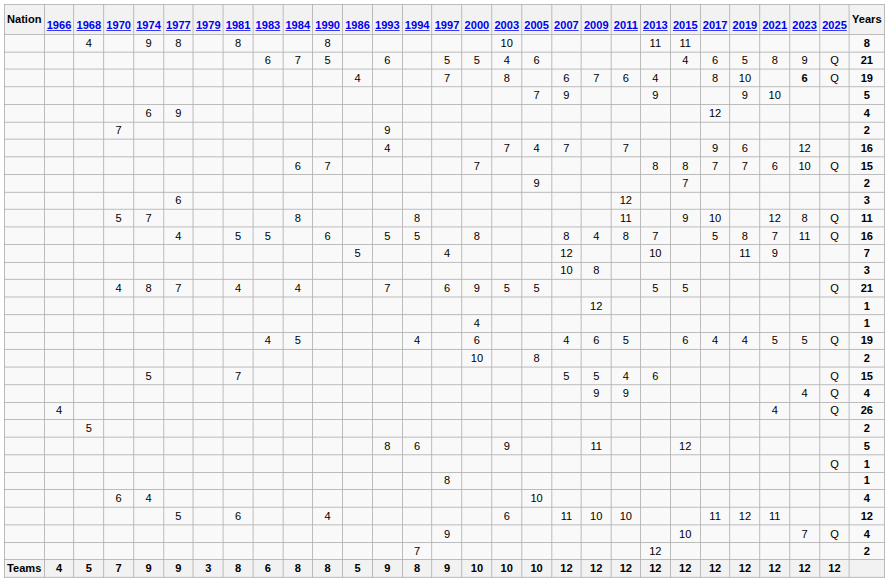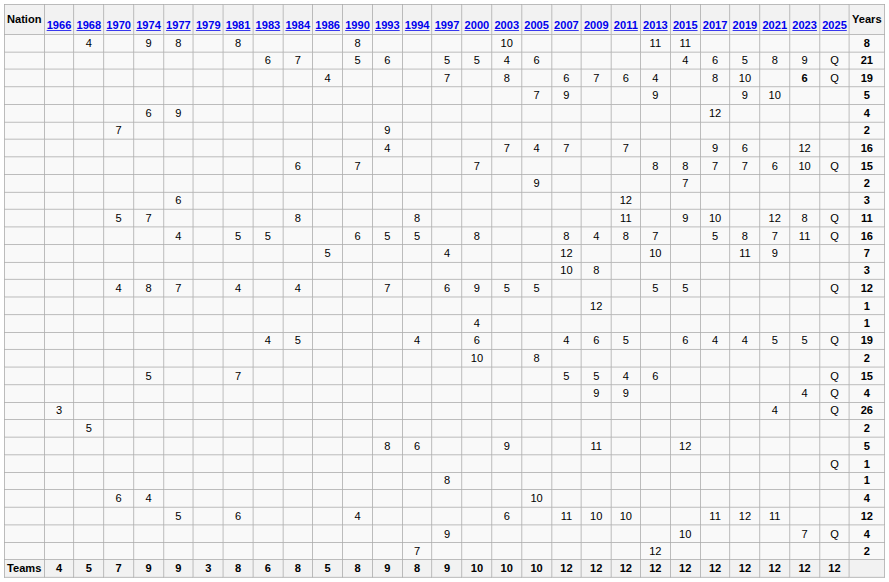 <table class="wikitable" style="text-align:center; font-size:90%">
 <tr>
 <th width=170>Nation</th>
 <th><br><a href='#'>1966</a></th>
 <th><br><a href='#'>1968</a></th>
 <th><br><a href='#'>1970</a></th>
 <th><br><a href='#'>1974</a></th>
 <th><br><a href='#'>1977</a></th>
 <th><br><a href='#'>1979</a></th>
 <th><br><a href='#'>1981</a></th>
 <th><br><a href='#'>1983</a></th>
 <th><br><a href='#'>1984</a></th>
+<th><br><a href='#'>1986</a></th>
 <th><br><a href='#'>1990</a></th>
-<th><br><a href='#'>1986</a></th>
 <th><br><a href='#'>1993</a></th>
 <th><br><a href='#'>1994</a></th>
 <th><br><a href='#'>1997</a></th>
 <th><br><a href='#'>2000</a></th>
 <th><br><a href='#'>2003</a></th>
 <th><br><a href='#'>2005</a></th>
 <th><br><a href='#'>2007</a></th>
 <th><br><a href='#'>2009</a></th>
 <th><br><a href='#'>2011</a></th>
 <th><br><a href='#'>2013</a></th>
 <th><br><a href='#'>2015</a></th>
 <th><br><a href='#'>2017</a></th>
 <th><br><a href='#'>2019</a></th>
 <th><br><a href='#'>2021</a></th>
 <th><br><a href='#'>2023</a></th>
 <th><br><a href='#'>2025</a></th>
 <th>Years</th>
 </tr>
 <tr>
 <td align=left></td>
 <td></td>
 <td>4</td>
 <td></td>
 <td>9</td>
 <td>8</td>
 <td></td>
 <td>8</td>
 <td></td>
 <td></td>
+<td></td>
 <td>8</td>
-<td></td>
 <td></td>
 <td></td>
 <td></td>
 <td></td>
 <td>10</td>
 <td></td>
 <td></td>
 <td></td>
 <td></td>
 <td>11</td>
 <td>11</td>
 <td></td>
 <td></td>
 <td></td>
 <td></td>
 <td></td>
 <td><strong>8</strong></td>
 </tr>
 <tr>
 <td align=left></td>
 <td></td>
 <td></td>
 <td></td>
 <td></td>
 <td></td>
 <td></td>
 <td></td>
 <td>6</td>
 <td>7</td>
+<td></td>
 <td>5</td>
-<td></td>
 <td>6</td>
 <td></td>
 <td>5</td>
 <td>5</td>
 <td>4</td>
 <td>6</td>
 <td></td>
 <td></td>
 <td></td>
 <td></td>
 <td>4</td>
 <td>6</td>
 <td>5</td>
 <td>8</td>
 <td>9</td>
 <td>Q</td>
 <td><strong>21</strong></td>
 </tr>
 <tr>
 <td align=left></td>
 <td></td>
 <td></td>
 <td></td>
 <td></td>
 <td></td>
 <td></td>
 <td></td>
 <td></td>
 <td></td>
+<td>4</td>
 <td></td>
-<td>4</td>
 <td></td>
 <td></td>
 <td>7</td>
 <td></td>
 <td>8</td>
 <td></td>
 <td>6</td>
 <td>7</td>
 <td>6</td>
 <td>4</td>
 <td></td>
 <td>8</td>
 <td>10</td>
 <td></td>
 <td><strong>6</strong></td>
 <td>Q</td>
 <td><strong>19</strong></td>
 </tr>
 <tr>
 <td align=left></td>
 <td></td>
 <td></td>
 <td></td>
 <td></td>
 <td></td>
 <td></td>
 <td></td>
 <td></td>
 <td></td>
 <td></td>
 <td></td>
 <td></td>
 <td></td>
 <td></td>
 <td></td>
 <td></td>
 <td>7</td>
 <td>9</td>
 <td></td>
 <td></td>
 <td>9</td>
 <td></td>
 <td></td>
 <td>9</td>
 <td>10</td>
 <td></td>
 <td></td>
 <td><strong>5</strong></td>
 </tr>
 <tr>
 <td align=left></td>
 <td></td>
 <td></td>
 <td></td>
 <td>6</td>
 <td>9</td>
 <td></td>
 <td></td>
 <td></td>
 <td></td>
 <td></td>
 <td></td>
 <td></td>
 <td></td>
 <td></td>
 <td></td>
 <td></td>
 <td></td>
 <td></td>
 <td></td>
 <td></td>
 <td></td>
 <td></td>
 <td>12</td>
 <td></td>
 <td></td>
 <td></td>
 <td></td>
 <td><strong>4</strong></td>
 </tr>
 <tr>
 <td align=left></td>
 <td></td>
 <td></td>
 <td>7</td>
 <td></td>
 <td></td>
 <td></td>
 <td></td>
 <td></td>
 <td></td>
 <td></td>
 <td></td>
 <td>9</td>
 <td></td>
 <td></td>
 <td></td>
 <td></td>
 <td></td>
 <td></td>
 <td></td>
 <td></td>
 <td></td>
 <td></td>
 <td></td>
 <td></td>
 <td></td>
 <td></td>
 <td></td>
 <td><strong>2</strong></td>
 </tr>
 <tr>
 <td align=left></td>
 <td></td>
 <td></td>
 <td></td>
 <td></td>
 <td></td>
 <td></td>
 <td></td>
 <td></td>
 <td></td>
 <td></td>
 <td></td>
 <td>4</td>
 <td></td>
 <td></td>
 <td></td>
 <td>7</td>
 <td>4</td>
 <td>7</td>
 <td></td>
 <td>7</td>
 <td></td>
 <td></td>
 <td>9</td>
 <td>6</td>
 <td></td>
 <td>12</td>
 <td></td>
 <td><strong>16</strong></td>
 </tr>
 <tr>
 <td align=left></td>
 <td></td>
 <td></td>
 <td></td>
 <td></td>
 <td></td>
 <td></td>
 <td></td>
 <td></td>
 <td>6</td>
+<td></td>
 <td>7</td>
-<td></td>
 <td></td>
 <td></td>
 <td></td>
 <td>7</td>
 <td></td>
 <td></td>
 <td></td>
 <td></td>
 <td></td>
 <td>8</td>
 <td>8</td>
 <td>7</td>
 <td>7</td>
 <td>6</td>
 <td>10</td>
 <td>Q</td>
 <td><strong>15</strong></td>
 </tr>
 <tr>
 <td align=left></td>
 <td></td>
 <td></td>
 <td></td>
 <td></td>
 <td></td>
 <td></td>
 <td></td>
 <td></td>
 <td></td>
 <td></td>
 <td></td>
 <td></td>
 <td></td>
 <td></td>
 <td></td>
 <td></td>
 <td>9</td>
 <td></td>
 <td></td>
 <td></td>
 <td></td>
 <td>7</td>
 <td></td>
 <td></td>
 <td></td>
 <td></td>
 <td></td>
 <td><strong>2</strong></td>
 </tr>
 <tr>
 <td align=left></td>
 <td></td>
 <td></td>
 <td></td>
 <td></td>
 <td>6</td>
 <td></td>
 <td></td>
 <td></td>
 <td></td>
 <td></td>
 <td></td>
 <td></td>
 <td></td>
 <td></td>
 <td></td>
 <td></td>
 <td></td>
 <td></td>
 <td></td>
 <td>12</td>
 <td></td>
 <td></td>
 <td></td>
 <td></td>
 <td></td>
 <td></td>
 <td></td>
 <td><strong>3</strong></td>
 </tr>
 <tr>
 <td align=left></td>
 <td></td>
 <td></td>
 <td>5</td>
 <td>7</td>
 <td></td>
 <td></td>
 <td></td>
 <td></td>
 <td>8</td>
 <td></td>
 <td></td>
 <td></td>
 <td>8</td>
 <td></td>
 <td></td>
 <td></td>
 <td></td>
 <td></td>
 <td></td>
 <td>11</td>
 <td></td>
 <td>9</td>
 <td>10</td>
 <td></td>
 <td>12</td>
 <td>8</td>
 <td>Q</td>
 <td><strong>11</strong></td>
 </tr>
 <tr>
 <td align=left></td>
 <td></td>
 <td></td>
 <td></td>
 <td></td>
 <td>4</td>
 <td></td>
 <td>5</td>
 <td>5</td>
 <td></td>
+<td></td>
 <td>6</td>
-<td></td>
 <td>5</td>
 <td>5</td>
 <td></td>
 <td>8</td>
 <td></td>
 <td></td>
 <td>8</td>
 <td>4</td>
 <td>8</td>
 <td>7</td>
 <td></td>
 <td>5</td>
 <td>8</td>
 <td>7</td>
 <td>11</td>
 <td>Q</td>
 <td><strong>16</strong></td>
 </tr>
 <tr>
 <td align=left></td>
 <td></td>
 <td></td>
 <td></td>
 <td></td>
 <td></td>
 <td></td>
 <td></td>
 <td></td>
 <td></td>
+<td>5</td>
 <td></td>
-<td>5</td>
 <td></td>
 <td></td>
 <td>4</td>
 <td></td>
 <td></td>
 <td></td>
 <td>12</td>
 <td></td>
 <td></td>
 <td>10</td>
 <td></td>
 <td></td>
 <td>11</td>
 <td>9</td>
 <td></td>
 <td></td>
 <td><strong>7</strong></td>
 </tr>
 <tr>
 <td align=left></td>
 <td></td>
 <td></td>
 <td></td>
 <td></td>
 <td></td>
 <td></td>
 <td></td>
 <td></td>
 <td></td>
 <td></td>
 <td></td>
 <td></td>
 <td></td>
 <td></td>
 <td></td>
 <td></td>
 <td></td>
 <td>10</td>
 <td>8</td>
 <td></td>
 <td></td>
 <td></td>
 <td></td>
 <td></td>
 <td></td>
 <td></td>
 <td></td>
 <td><strong>3</strong></td>
 </tr>
 <tr>
 <td align=left></td>
 <td></td>
 <td></td>
 <td>4</td>
 <td>8</td>
 <td>7</td>
 <td></td>
 <td>4</td>
 <td></td>
 <td>4</td>
 <td></td>
 <td></td>
 <td>7</td>
 <td></td>
 <td>6</td>
 <td>9</td>
 <td>5</td>
 <td>5</td>
 <td></td>
 <td></td>
 <td></td>
 <td>5</td>
 <td>5</td>
 <td></td>
 <td></td>
 <td></td>
 <td></td>
 <td>Q</td>
-<td><strong>21</strong></td>
+<td><strong>12</strong></td>
 </tr>
 <tr>
 <td align=left></td>
 <td></td>
 <td></td>
 <td></td>
 <td></td>
 <td></td>
 <td></td>
 <td></td>
 <td></td>
 <td></td>
 <td></td>
 <td></td>
 <td></td>
 <td></td>
 <td></td>
 <td></td>
 <td></td>
 <td></td>
 <td></td>
 <td>12</td>
 <td></td>
 <td></td>
 <td></td>
 <td></td>
 <td></td>
 <td></td>
 <td></td>
 <td></td>
 <td><strong>1</strong></td>
 </tr>
 <tr>
 <td align=left></td>
 <td></td>
 <td></td>
 <td></td>
 <td></td>
 <td></td>
 <td></td>
 <td></td>
 <td></td>
 <td></td>
 <td></td>
 <td></td>
 <td></td>
 <td></td>
 <td></td>
 <td>4</td>
 <td></td>
 <td></td>
 <td></td>
 <td></td>
 <td></td>
 <td></td>
 <td></td>
 <td></td>
 <td></td>
 <td></td>
 <td></td>
 <td></td>
 <td><strong>1</strong></td>
 </tr>
 <tr>
 <td align=left></td>
 <td></td>
 <td></td>
 <td></td>
 <td></td>
 <td></td>
 <td></td>
 <td></td>
 <td>4</td>
 <td>5</td>
 <td></td>
 <td></td>
 <td></td>
 <td>4</td>
 <td></td>
 <td>6</td>
 <td></td>
 <td></td>
 <td>4</td>
 <td>6</td>
 <td>5</td>
 <td></td>
 <td>6</td>
 <td>4</td>
 <td>4</td>
 <td>5</td>
 <td>5</td>
 <td>Q</td>
 <td><strong>19</strong></td>
 </tr>
 <tr>
 <td align=left></td>
 <td></td>
 <td></td>
 <td></td>
 <td></td>
 <td></td>
 <td></td>
 <td></td>
 <td></td>
 <td></td>
 <td></td>
 <td></td>
 <td></td>
 <td></td>
 <td></td>
 <td>10</td>
 <td></td>
 <td>8</td>
 <td></td>
 <td></td>
 <td></td>
 <td></td>
 <td></td>
 <td></td>
 <td></td>
 <td></td>
 <td></td>
 <td></td>
 <td><strong>2</strong></td>
 </tr>
 <tr>
 <td align=left></td>
 <td></td>
 <td></td>
 <td></td>
 <td>5</td>
 <td></td>
 <td></td>
 <td>7</td>
 <td></td>
 <td></td>
 <td></td>
 <td></td>
 <td></td>
 <td></td>
 <td></td>
 <td></td>
 <td></td>
 <td></td>
 <td>5</td>
 <td>5</td>
 <td>4</td>
 <td>6</td>
 <td></td>
 <td></td>
 <td></td>
 <td></td>
 <td></td>
 <td>Q</td>
 <td><strong>15</strong></td>
 </tr>
 <tr>
 <td align=left></td>
 <td></td>
 <td></td>
 <td></td>
 <td></td>
 <td></td>
 <td></td>
 <td></td>
 <td></td>
 <td></td>
 <td></td>
 <td></td>
 <td></td>
 <td></td>
 <td></td>
 <td></td>
 <td></td>
 <td></td>
 <td></td>
 <td>9</td>
 <td>9</td>
 <td></td>
 <td></td>
 <td></td>
 <td></td>
 <td></td>
 <td>4</td>
 <td>Q</td>
 <td><strong>4</strong></td>
 </tr>
 <tr>
 <td align=left></td>
-<td>4</td>
+<td>3</td>
 <td></td>
 <td></td>
 <td></td>
 <td></td>
 <td></td>
 <td></td>
 <td></td>
 <td></td>
 <td></td>
 <td></td>
 <td></td>
 <td></td>
 <td></td>
 <td></td>
 <td></td>
 <td></td>
 <td></td>
 <td></td>
 <td></td>
 <td></td>
 <td></td>
 <td></td>
 <td></td>
 <td>4</td>
 <td></td>
 <td>Q</td>
 <td><strong>26</strong></td>
 </tr>
 <tr>
 <td align=left></td>
 <td></td>
 <td>5</td>
 <td></td>
 <td></td>
 <td></td>
 <td></td>
 <td></td>
 <td></td>
 <td></td>
 <td></td>
 <td></td>
 <td></td>
 <td></td>
 <td></td>
 <td></td>
 <td></td>
 <td></td>
 <td></td>
 <td></td>
 <td></td>
 <td></td>
 <td></td>
 <td></td>
 <td></td>
 <td></td>
 <td></td>
 <td></td>
 <td><strong>2</strong></td>
 </tr>
 <tr>
 <td align=left></td>
 <td></td>
 <td></td>
 <td></td>
 <td></td>
 <td></td>
 <td></td>
 <td></td>
 <td></td>
 <td></td>
 <td></td>
 <td></td>
 <td>8</td>
 <td>6</td>
 <td></td>
 <td></td>
 <td>9</td>
 <td></td>
 <td></td>
 <td>11</td>
 <td></td>
 <td></td>
 <td>12</td>
 <td></td>
 <td></td>
 <td></td>
 <td></td>
 <td></td>
 <td><strong>5</strong></td>
 </tr>
 <tr>
 <td align=left></td>
 <td></td>
 <td></td>
 <td></td>
 <td></td>
 <td></td>
 <td></td>
 <td></td>
 <td></td>
 <td></td>
 <td></td>
 <td></td>
 <td></td>
 <td></td>
 <td></td>
 <td></td>
 <td></td>
 <td></td>
 <td></td>
 <td></td>
 <td></td>
 <td></td>
 <td></td>
 <td></td>
 <td></td>
 <td></td>
 <td></td>
 <td>Q</td>
 <td><strong>1</strong></td>
 </tr>
 <tr>
 <td align=left></td>
 <td></td>
 <td></td>
 <td></td>
 <td></td>
 <td></td>
 <td></td>
 <td></td>
 <td></td>
 <td></td>
 <td></td>
 <td></td>
 <td></td>
 <td></td>
 <td>8</td>
 <td></td>
 <td></td>
 <td></td>
 <td></td>
 <td></td>
 <td></td>
 <td></td>
 <td></td>
 <td></td>
 <td></td>
 <td></td>
 <td></td>
 <td></td>
 <td><strong>1</strong></td>
 </tr>
 <tr>
 <td align=left></td>
 <td></td>
 <td></td>
 <td>6</td>
 <td>4</td>
 <td></td>
 <td></td>
 <td></td>
 <td></td>
 <td></td>
 <td></td>
 <td></td>
 <td></td>
 <td></td>
 <td></td>
 <td></td>
 <td></td>
 <td>10</td>
 <td></td>
 <td></td>
 <td></td>
 <td></td>
 <td></td>
 <td></td>
 <td></td>
 <td></td>
 <td></td>
 <td></td>
 <td><strong>4</strong></td>
 </tr>
 <tr>
 <td align=left></td>
 <td></td>
 <td></td>
 <td></td>
 <td></td>
 <td>5</td>
 <td></td>
 <td>6</td>
 <td></td>
 <td></td>
+<td></td>
 <td>4</td>
-<td></td>
 <td></td>
 <td></td>
 <td></td>
 <td></td>
 <td>6</td>
 <td></td>
 <td>11</td>
 <td>10</td>
 <td>10</td>
 <td></td>
 <td></td>
 <td>11</td>
 <td>12</td>
 <td>11</td>
 <td></td>
 <td></td>
 <td><strong>12</strong></td>
 </tr>
 <tr>
 <td align=left></td>
 <td></td>
 <td></td>
 <td></td>
 <td></td>
 <td></td>
 <td></td>
 <td></td>
 <td></td>
 <td></td>
 <td></td>
 <td></td>
 <td></td>
 <td></td>
 <td>9</td>
 <td></td>
 <td></td>
 <td></td>
 <td></td>
 <td></td>
 <td></td>
 <td></td>
 <td>10</td>
 <td></td>
 <td></td>
 <td></td>
 <td>7</td>
 <td>Q</td>
 <td><strong>4</strong></td>
 </tr>
 <tr>
 <td align=left></td>
 <td></td>
 <td></td>
 <td></td>
 <td></td>
 <td></td>
 <td></td>
 <td></td>
 <td></td>
 <td></td>
 <td></td>
 <td></td>
 <td></td>
 <td>7</td>
 <td></td>
 <td></td>
 <td></td>
 <td></td>
 <td></td>
 <td></td>
 <td></td>
 <td>12</td>
 <td></td>
 <td></td>
 <td></td>
 <td></td>
 <td></td>
 <td></td>
 <td><strong>2</strong></td>
 </tr>
 <tr>
 <th>Teams</th>
 <th>4</th>
 <th>5</th>
 <th>7</th>
 <th>9</th>
 <th>9</th>
 <th>3</th>
 <th>8</th>
 <th>6</th>
 <th>8</th>
+<th>5</th>
 <th>8</th>
-<th>5</th>
 <th>9</th>
 <th>8</th>
 <th>9</th>
 <th>10</th>
 <th>10</th>
 <th>10</th>
 <th>12</th>
 <th>12</th>
 <th>12</th>
 <th>12</th>
 <th>12</th>
 <th>12</th>
 <th>12</th>
 <th>12</th>
 <th>12</th>
 <th>12</th>
 <th></th>
 </tr>
 </table>
